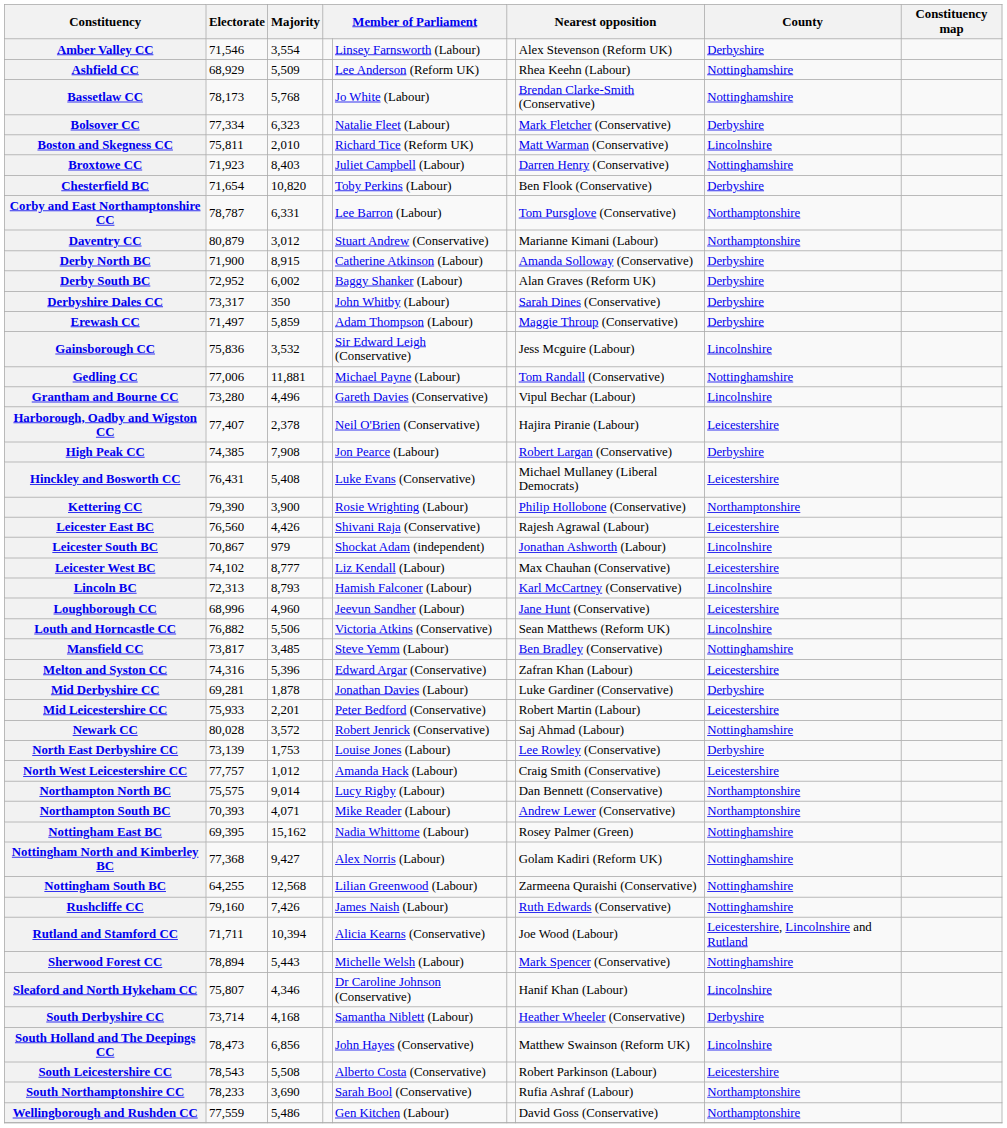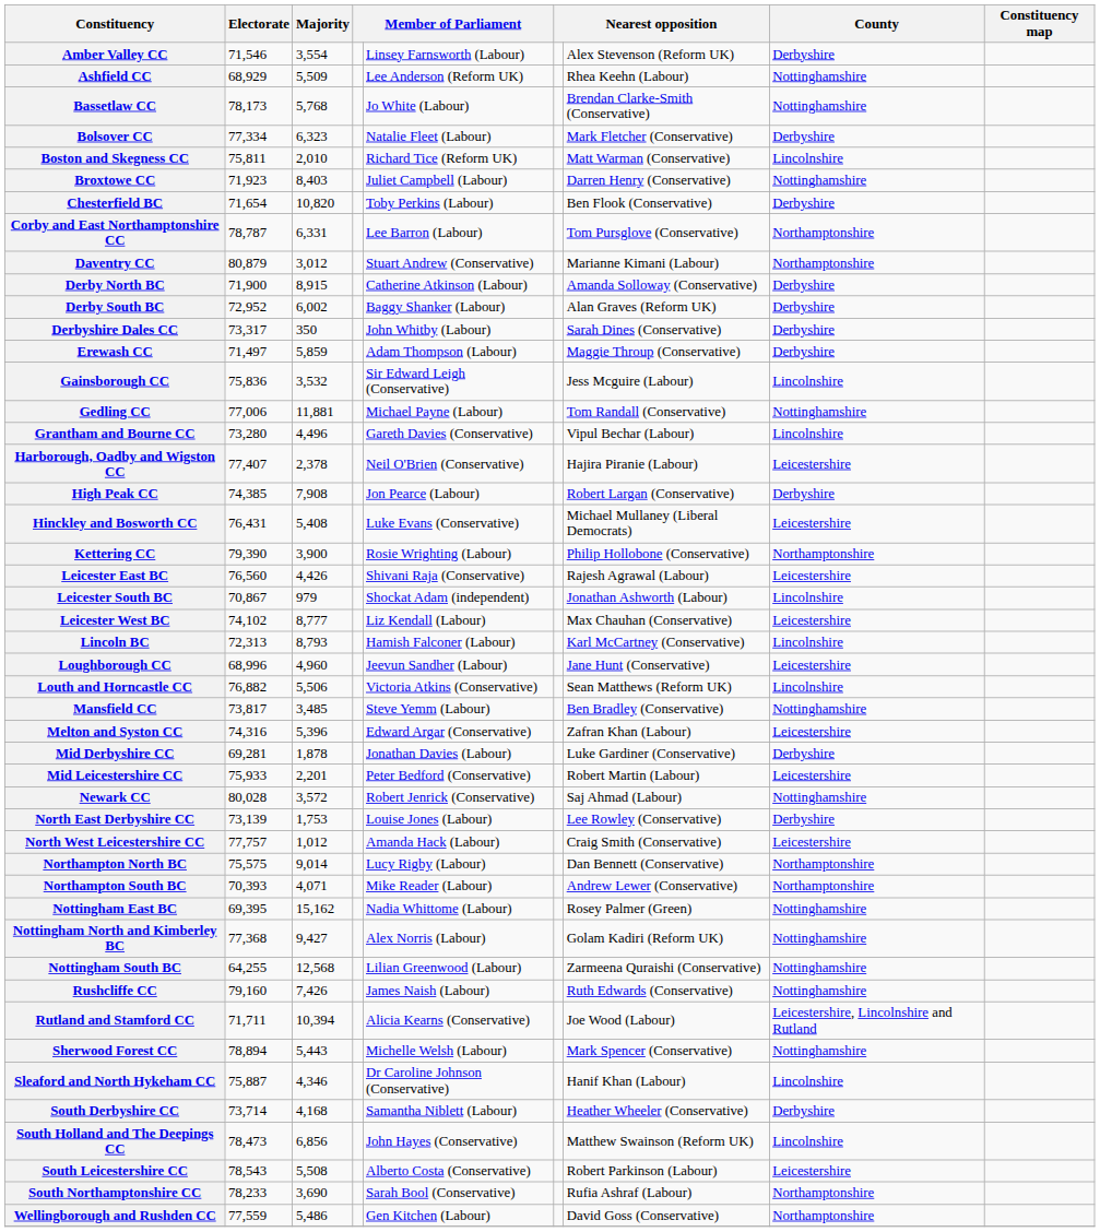 <table class="wikitable sortable plainrowheaders sticky-header">
 <tr>
 <th scope="col" rowspan="1">Constituency</th>
 <th scope="col" rowspan="1">Electorate</th>
 <th scope="col" rowspan="1">Majority</th>
 <th scope="col" colspan="2" class="unsortable"><a href='#'>Member of Parliament</a></th>
 <th scope="col" colspan="2" class="unsortable">Nearest opposition</th>
 <th scope="col" rowspan="1">County</th>
 <th scope="col" rowspan="1" class="unsortable">Constituency map</th>
 </tr>
 <tr>
 <th scope="row"><a href='#'>Amber Valley CC</a></th>
 <td>71,546</td>
 <td>3,554</td>
 <td style="color:inherit;background:"> </td>
 <td><a href='#'>Linsey Farnsworth</a> (Labour)</td>
 <td style="color:inherit;background:"> </td>
 <td>Alex Stevenson (Reform UK)</td>
 <td><a href='#'>Derbyshire</a></td>
 <td></td>
 </tr>
 <tr>
 <th scope="row"><a href='#'>Ashfield CC</a></th>
 <td>68,929</td>
 <td>5,509</td>
 <td style="color:inherit;background:"> </td>
 <td><a href='#'>Lee Anderson</a> (Reform UK)</td>
 <td bgcolor=> </td>
 <td>Rhea Keehn (Labour)</td>
 <td><a href='#'>Nottinghamshire</a></td>
 <td></td>
 </tr>
 <tr>
 <th scope="row"><a href='#'>Bassetlaw CC</a></th>
 <td>78,173</td>
 <td>5,768</td>
 <td style="color:inherit;background:"> </td>
 <td><a href='#'>Jo White</a> (Labour)</td>
 <td style="color:inherit;background:"> </td>
 <td><a href='#'>Brendan Clarke-Smith</a> (Conservative)</td>
 <td><a href='#'>Nottinghamshire</a></td>
 <td></td>
 </tr>
 <tr>
 <th scope="row"><a href='#'>Bolsover CC</a></th>
 <td>77,334</td>
 <td>6,323</td>
 <td style="color:inherit;background:"> </td>
 <td><a href='#'>Natalie Fleet</a> (Labour)</td>
 <td style="color:inherit;background:"> </td>
 <td><a href='#'>Mark Fletcher</a> (Conservative)</td>
 <td><a href='#'>Derbyshire</a></td>
 <td></td>
 </tr>
 <tr>
 <th scope="row"><a href='#'>Boston and Skegness CC</a></th>
 <td>75,811</td>
 <td>2,010</td>
 <td style="color:inherit;background:"> </td>
 <td><a href='#'>Richard Tice</a> (Reform UK)</td>
 <td style="color:inherit;background:"> </td>
 <td><a href='#'>Matt Warman</a> (Conservative)</td>
 <td><a href='#'>Lincolnshire</a></td>
 <td></td>
 </tr>
 <tr>
 <th scope="row"><a href='#'>Broxtowe CC</a></th>
 <td>71,923</td>
 <td>8,403</td>
 <td style="color:inherit;background:"> </td>
 <td><a href='#'>Juliet Campbell</a> (Labour)</td>
 <td style="color:inherit;background:"> </td>
 <td><a href='#'>Darren Henry</a> (Conservative)</td>
 <td><a href='#'>Nottinghamshire</a></td>
 <td></td>
 </tr>
 <tr>
 <th scope="row"><a href='#'>Chesterfield BC</a></th>
 <td>71,654</td>
 <td>10,820</td>
 <td style="color:inherit;background:"> </td>
 <td><a href='#'>Toby Perkins</a> (Labour)</td>
 <td style="color:inherit;background:"> </td>
 <td>Ben Flook (Conservative)</td>
 <td><a href='#'>Derbyshire</a></td>
 <td></td>
 </tr>
 <tr>
 <th scope="row"><a href='#'>Corby and East Northamptonshire CC</a></th>
 <td>78,787</td>
 <td>6,331</td>
 <td style="color:inherit;background:"> </td>
 <td><a href='#'>Lee Barron</a> (Labour)</td>
 <td style="color:inherit;background:"> </td>
 <td><a href='#'>Tom Pursglove</a> (Conservative)</td>
 <td><a href='#'>Northamptonshire</a></td>
 <td></td>
 </tr>
 <tr>
 <th scope="row"><a href='#'>Daventry CC</a></th>
 <td>80,879</td>
 <td>3,012</td>
 <td style="color:inherit;background:"> </td>
 <td><a href='#'>Stuart Andrew</a> (Conservative)</td>
 <td style="color:inherit;background:"> </td>
 <td>Marianne Kimani (Labour)</td>
 <td><a href='#'>Northamptonshire</a></td>
 <td></td>
 </tr>
 <tr>
 <th scope="row"><a href='#'>Derby North BC</a></th>
 <td>71,900</td>
 <td>8,915</td>
 <td style="color:inherit;background:"> </td>
 <td><a href='#'>Catherine Atkinson</a> (Labour)</td>
 <td style="color:inherit;background:"> </td>
 <td><a href='#'>Amanda Solloway</a> (Conservative)</td>
 <td><a href='#'>Derbyshire</a></td>
 <td></td>
 </tr>
 <tr>
 <th scope="row"><a href='#'>Derby South BC</a></th>
 <td>72,952</td>
 <td>6,002</td>
 <td style="color:inherit;background:"> </td>
 <td><a href='#'>Baggy Shanker</a> (Labour)</td>
 <td style="color:inherit;background:"> </td>
 <td>Alan Graves (Reform UK)</td>
 <td><a href='#'>Derbyshire</a></td>
 <td></td>
 </tr>
 <tr>
 <th scope="row"><a href='#'>Derbyshire Dales CC</a></th>
 <td>73,317</td>
 <td>350</td>
 <td style="color:inherit;background:"> </td>
 <td><a href='#'>John Whitby</a> (Labour)</td>
 <td style="color:inherit;background:"> </td>
 <td><a href='#'>Sarah Dines</a> (Conservative)</td>
 <td><a href='#'>Derbyshire</a></td>
 <td></td>
 </tr>
 <tr>
 <th scope="row"><a href='#'>Erewash CC</a></th>
 <td>71,497</td>
 <td>5,859</td>
 <td style="color:inherit;background:"> </td>
 <td><a href='#'>Adam Thompson</a> (Labour)</td>
 <td style="color:inherit;background:"> </td>
 <td><a href='#'>Maggie Throup</a> (Conservative)</td>
 <td><a href='#'>Derbyshire</a></td>
 <td></td>
 </tr>
 <tr>
 <th scope="row"><a href='#'>Gainsborough CC</a></th>
 <td>75,836</td>
 <td>3,532</td>
 <td style="color:inherit;background:"> </td>
 <td><a href='#'>Sir Edward Leigh</a> (Conservative)</td>
 <td style="color:inherit;background:"> </td>
 <td>Jess Mcguire (Labour)</td>
 <td><a href='#'>Lincolnshire</a></td>
 <td></td>
 </tr>
 <tr>
 <th scope="row"><a href='#'>Gedling CC</a></th>
 <td>77,006</td>
 <td>11,881</td>
 <td style="color:inherit;background:"> </td>
 <td><a href='#'>Michael Payne</a> (Labour)</td>
 <td style="color:inherit;background:"> </td>
 <td><a href='#'>Tom Randall</a> (Conservative)</td>
 <td><a href='#'>Nottinghamshire</a></td>
 <td></td>
 </tr>
 <tr>
 <th scope="row"><a href='#'>Grantham and Bourne CC</a></th>
 <td>73,280</td>
 <td>4,496</td>
 <td style="color:inherit;background:"> </td>
 <td><a href='#'>Gareth Davies</a> (Conservative)</td>
 <td style="color:inherit;background:"> </td>
 <td>Vipul Bechar (Labour)</td>
 <td><a href='#'>Lincolnshire</a></td>
 <td></td>
 </tr>
 <tr>
 <th scope="row"><a href='#'>Harborough, Oadby and Wigston CC</a></th>
 <td>77,407</td>
 <td>2,378</td>
 <td style="color:inherit;background:"></td>
 <td><a href='#'>Neil O'Brien</a> (Conservative)</td>
 <td style="color:inherit;background:"></td>
 <td>Hajira Piranie (Labour)</td>
 <td><a href='#'>Leicestershire</a></td>
 <td></td>
 </tr>
 <tr>
 <th scope="row"><a href='#'>High Peak CC</a></th>
 <td>74,385</td>
 <td>7,908</td>
 <td style="color:inherit;background:"> </td>
 <td><a href='#'>Jon Pearce</a> (Labour)</td>
 <td style="color:inherit;background:"> </td>
 <td><a href='#'>Robert Largan</a> (Conservative)</td>
 <td><a href='#'>Derbyshire</a></td>
 <td></td>
 </tr>
 <tr>
 <th scope="row"><a href='#'>Hinckley and Bosworth CC</a></th>
 <td>76,431</td>
 <td>5,408</td>
 <td style="color:inherit;background:"></td>
 <td><a href='#'>Luke Evans</a> (Conservative)</td>
 <td style="color:inherit;background:"></td>
 <td>Michael Mullaney (Liberal Democrats)</td>
 <td><a href='#'>Leicestershire</a></td>
 <td></td>
 </tr>
 <tr>
 <th scope="row"><a href='#'>Kettering CC</a></th>
 <td>79,390</td>
 <td>3,900</td>
 <td style="color:inherit;background:"> </td>
 <td><a href='#'>Rosie Wrighting</a> (Labour)</td>
 <td style="color:inherit;background:"> </td>
 <td><a href='#'>Philip Hollobone</a> (Conservative)</td>
 <td><a href='#'>Northamptonshire</a></td>
 <td></td>
 </tr>
 <tr>
 <th scope="row"><a href='#'>Leicester East BC</a></th>
 <td>76,560</td>
 <td>4,426</td>
 <td style="color:inherit;background:"></td>
 <td><a href='#'>Shivani Raja</a> (Conservative)</td>
 <td style="color:inherit;background:"></td>
 <td>Rajesh Agrawal (Labour)</td>
 <td><a href='#'>Leicestershire</a></td>
 <td></td>
 </tr>
 <tr>
 <th scope="row"><a href='#'>Leicester South BC</a></th>
 <td>70,867</td>
 <td>979</td>
 <td style="color:inherit;background:"></td>
 <td><a href='#'>Shockat Adam</a> (independent)</td>
 <td style="color:inherit;background:"></td>
 <td><a href='#'>Jonathan Ashworth</a> (Labour)</td>
 <td><a href='#'>Lincolnshire</a></td>
 <td></td>
 </tr>
 <tr>
 <th scope="row"><a href='#'>Leicester West BC</a></th>
 <td>74,102</td>
 <td>8,777</td>
 <td style="color:inherit;background:"></td>
 <td><a href='#'>Liz Kendall</a> (Labour)</td>
 <td style="color:inherit;background:"></td>
 <td>Max Chauhan (Conservative)</td>
 <td><a href='#'>Leicestershire</a></td>
 <td></td>
 </tr>
 <tr>
 <th scope="row"><a href='#'>Lincoln BC</a></th>
 <td>72,313</td>
 <td>8,793</td>
 <td style="color:inherit;background:"> </td>
 <td><a href='#'>Hamish Falconer</a> (Labour)</td>
 <td style="color:inherit;background:"> </td>
 <td><a href='#'>Karl McCartney</a> (Conservative)</td>
 <td><a href='#'>Lincolnshire</a></td>
 <td></td>
 </tr>
 <tr>
 <th scope="row"><a href='#'>Loughborough CC</a></th>
 <td>68,996</td>
 <td>4,960</td>
 <td style="color:inherit;background:"></td>
 <td><a href='#'>Jeevun Sandher</a> (Labour)</td>
 <td style="color:inherit;background:"></td>
 <td><a href='#'>Jane Hunt</a> (Conservative)</td>
 <td><a href='#'>Leicestershire</a></td>
 <td></td>
 </tr>
 <tr>
 <th scope="row"><a href='#'>Louth and Horncastle CC</a></th>
 <td>76,882</td>
 <td>5,506</td>
 <td style="color:inherit;background:"> </td>
 <td><a href='#'>Victoria Atkins</a> (Conservative)</td>
 <td style="color:inherit;background:"> </td>
 <td>Sean Matthews (Reform UK)</td>
 <td><a href='#'>Lincolnshire</a></td>
 <td></td>
 </tr>
 <tr>
 <th scope="row"><a href='#'>Mansfield CC</a></th>
 <td>73,817</td>
 <td>3,485</td>
 <td style="color:inherit;background:"> </td>
 <td><a href='#'>Steve Yemm</a> (Labour)</td>
 <td style="color:inherit;background:"> </td>
 <td><a href='#'>Ben Bradley</a> (Conservative)</td>
 <td><a href='#'>Nottinghamshire</a></td>
 <td></td>
 </tr>
 <tr>
 <th scope="row"><a href='#'>Melton and Syston CC</a></th>
 <td>74,316</td>
 <td>5,396</td>
 <td style="color:inherit;background:"></td>
 <td><a href='#'>Edward Argar</a> (Conservative)</td>
 <td style="color:inherit;background:"></td>
 <td>Zafran Khan (Labour)</td>
 <td><a href='#'>Leicestershire</a></td>
 <td></td>
 </tr>
 <tr>
 <th scope="row"><a href='#'>Mid Derbyshire CC</a></th>
 <td>69,281</td>
 <td>1,878</td>
 <td style="color:inherit;background:"> </td>
 <td><a href='#'>Jonathan Davies</a> (Labour)</td>
 <td style="color:inherit;background:"> </td>
 <td>Luke Gardiner (Conservative)</td>
 <td><a href='#'>Derbyshire</a></td>
 <td></td>
 </tr>
 <tr>
 <th scope="row"><a href='#'>Mid Leicestershire CC</a></th>
 <td>75,933</td>
 <td>2,201</td>
 <td style="color:inherit;background:"> </td>
 <td><a href='#'>Peter Bedford</a> (Conservative)</td>
 <td style="color:inherit;background:"> </td>
 <td>Robert Martin (Labour)</td>
 <td><a href='#'>Leicestershire</a></td>
 <td></td>
 </tr>
 <tr>
 <th scope="row"><a href='#'>Newark CC</a></th>
 <td>80,028</td>
 <td>3,572</td>
 <td style="color:inherit;background:"> </td>
 <td><a href='#'>Robert Jenrick</a> (Conservative)</td>
 <td style="color:inherit;background:"> </td>
 <td>Saj Ahmad (Labour)</td>
 <td><a href='#'>Nottinghamshire</a></td>
 <td></td>
 </tr>
 <tr>
 <th scope="row"><a href='#'>North East Derbyshire CC</a></th>
 <td>73,139</td>
 <td>1,753</td>
 <td style="color:inherit;background:"> </td>
 <td><a href='#'>Louise Jones</a> (Labour)</td>
 <td style="color:inherit;background:"> </td>
 <td><a href='#'>Lee Rowley</a> (Conservative)</td>
 <td><a href='#'>Derbyshire</a></td>
 <td></td>
 </tr>
 <tr>
 <th scope="row"><a href='#'>North West Leicestershire CC</a></th>
 <td>77,757</td>
 <td>1,012</td>
 <td style="color:inherit;background:"></td>
 <td><a href='#'>Amanda Hack</a> (Labour)</td>
 <td style="color:inherit;background:"></td>
 <td>Craig Smith (Conservative)</td>
 <td><a href='#'>Leicestershire</a></td>
 <td></td>
 </tr>
 <tr>
 <th scope="row"><a href='#'>Northampton North BC</a></th>
 <td>75,575</td>
 <td>9,014</td>
 <td style="color:inherit;background:"> </td>
 <td><a href='#'>Lucy Rigby</a> (Labour)</td>
 <td style="color:inherit;background:"> </td>
 <td>Dan Bennett (Conservative)</td>
 <td><a href='#'>Northamptonshire</a></td>
 <td></td>
 </tr>
 <tr>
 <th scope="row"><a href='#'>Northampton South BC</a></th>
 <td>70,393</td>
 <td>4,071</td>
 <td style="color:inherit;background:"> </td>
 <td><a href='#'>Mike Reader</a> (Labour)</td>
 <td style="color:inherit;background:"> </td>
 <td><a href='#'>Andrew Lewer</a> (Conservative)</td>
 <td><a href='#'>Northamptonshire</a></td>
 <td></td>
 </tr>
 <tr>
 <th scope="row"><a href='#'>Nottingham East BC</a></th>
 <td>69,395</td>
 <td>15,162</td>
 <td style="color:inherit;background:"> </td>
 <td><a href='#'>Nadia Whittome</a> (Labour)</td>
 <td style="color:inherit;background:"> </td>
 <td>Rosey Palmer (Green)</td>
 <td><a href='#'>Nottinghamshire</a></td>
 <td></td>
 </tr>
 <tr>
 <th scope="row"><a href='#'>Nottingham North and Kimberley BC</a></th>
 <td>77,368</td>
 <td>9,427</td>
 <td style="color:inherit;background:"> </td>
 <td><a href='#'>Alex Norris</a> (Labour)</td>
 <td style="color:inherit;background:"> </td>
 <td>Golam Kadiri (Reform UK)</td>
 <td><a href='#'>Nottinghamshire</a></td>
 <td></td>
 </tr>
 <tr>
 <th scope="row"><a href='#'>Nottingham South BC</a></th>
 <td>64,255</td>
 <td>12,568</td>
 <td style="color:inherit;background:"> </td>
 <td><a href='#'>Lilian Greenwood</a> (Labour)</td>
 <td style="color:inherit;background:"> </td>
 <td>Zarmeena Quraishi (Conservative)</td>
 <td><a href='#'>Nottinghamshire</a></td>
 <td></td>
 </tr>
 <tr>
 <th scope="row"><a href='#'>Rushcliffe CC</a></th>
 <td>79,160</td>
 <td>7,426</td>
 <td style="color:inherit;background:"> </td>
 <td><a href='#'>James Naish</a> (Labour)</td>
 <td style="color:inherit;background:"> </td>
 <td><a href='#'>Ruth Edwards</a> (Conservative)</td>
 <td><a href='#'>Nottinghamshire</a></td>
 <td></td>
 </tr>
 <tr>
 <th scope="row"><a href='#'>Rutland and Stamford CC</a></th>
 <td>71,711</td>
 <td>10,394</td>
 <td style="color:inherit;background:"></td>
 <td><a href='#'>Alicia Kearns</a> (Conservative)</td>
 <td style="color:inherit;background:"></td>
 <td>Joe Wood (Labour)</td>
 <td><a href='#'>Leicestershire</a>, <a href='#'>Lincolnshire</a> and <a href='#'>Rutland</a></td>
 <td></td>
 </tr>
 <tr>
 <th scope="row"><a href='#'>Sherwood Forest CC</a></th>
 <td>78,894</td>
 <td>5,443</td>
 <td style="color:inherit;background:"> </td>
 <td><a href='#'>Michelle Welsh</a> (Labour)</td>
 <td style="color:inherit;background:"> </td>
 <td><a href='#'>Mark Spencer</a> (Conservative)</td>
 <td><a href='#'>Nottinghamshire</a></td>
 <td></td>
 </tr>
 <tr>
 <th scope="row"><a href='#'>Sleaford and North Hykeham CC</a></th>
-<td>75,807</td>
+<td>75,887</td>
 <td>4,346</td>
 <td style="color:inherit;background:"> </td>
 <td><a href='#'>Dr Caroline Johnson</a> (Conservative)</td>
 <td style="color:inherit;background:"> </td>
 <td>Hanif Khan (Labour)</td>
 <td><a href='#'>Lincolnshire</a></td>
 <td></td>
 </tr>
 <tr>
 <th scope="row"><a href='#'>South Derbyshire CC</a></th>
 <td>73,714</td>
 <td>4,168</td>
 <td style="color:inherit;background:"> </td>
 <td><a href='#'>Samantha Niblett</a> (Labour)</td>
 <td style="color:inherit;background:"> </td>
 <td><a href='#'>Heather Wheeler</a> (Conservative)</td>
 <td><a href='#'>Derbyshire</a></td>
 <td></td>
 </tr>
 <tr>
 <th scope="row"><a href='#'>South Holland and The Deepings CC</a></th>
 <td>78,473</td>
 <td>6,856</td>
 <td style="color:inherit;background:"> </td>
 <td><a href='#'>John Hayes</a> (Conservative)</td>
 <td style="color:inherit;background:"> </td>
 <td>Matthew Swainson (Reform UK)</td>
 <td><a href='#'>Lincolnshire</a></td>
 <td></td>
 </tr>
 <tr>
 <th scope="row"><a href='#'>South Leicestershire CC</a></th>
 <td>78,543</td>
 <td>5,508</td>
 <td style="color:inherit;background:"> </td>
 <td><a href='#'>Alberto Costa</a> (Conservative)</td>
 <td style="color:inherit;background:"></td>
 <td>Robert Parkinson (Labour)</td>
 <td><a href='#'>Leicestershire</a></td>
 <td></td>
 </tr>
 <tr>
 <th scope="row"><a href='#'>South Northamptonshire CC</a></th>
 <td>78,233</td>
 <td>3,690</td>
 <td style="color:inherit;background:"> </td>
 <td><a href='#'>Sarah Bool</a> (Conservative)</td>
 <td style="color:inherit;background:"> </td>
 <td>Rufia Ashraf (Labour)</td>
 <td><a href='#'>Northamptonshire</a></td>
 <td></td>
 </tr>
 <tr>
 <th scope="row"><a href='#'>Wellingborough and Rushden CC</a></th>
 <td>77,559</td>
 <td>5,486</td>
 <td style="color:inherit;background:"> </td>
 <td><a href='#'>Gen Kitchen</a> (Labour)</td>
 <td style="color:inherit;background:"> </td>
 <td>David Goss (Conservative)</td>
 <td><a href='#'>Northamptonshire</a></td>
 <td></td>
 </tr>
 <tr>
 </tr>
 </table>
